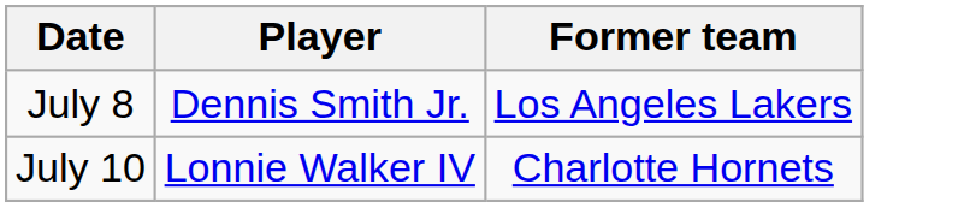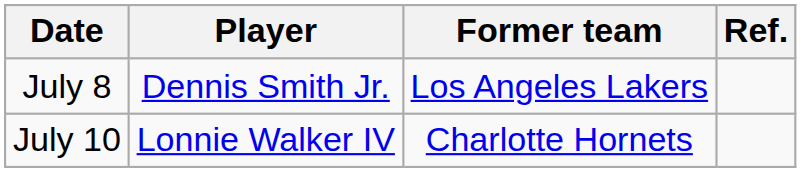 <table class="wikitable sortable sortable" style="text-align: center">
 <tr>
 <th>Date</th>
 <th>Player</th>
 <th>Former team</th>
+<th>Ref.</th>
 </tr>
 <tr>
 <td>July 8</td>
 <td><a href='#'>Dennis Smith Jr.</a></td>
 <td><a href='#'>Los Angeles Lakers</a></td>
+<td></td>
 </tr>
 <tr>
 <td>July 10</td>
 <td><a href='#'>Lonnie Walker IV</a></td>
 <td><a href='#'>Charlotte Hornets</a></td>
+<td></td>
 </tr>
 </table>
